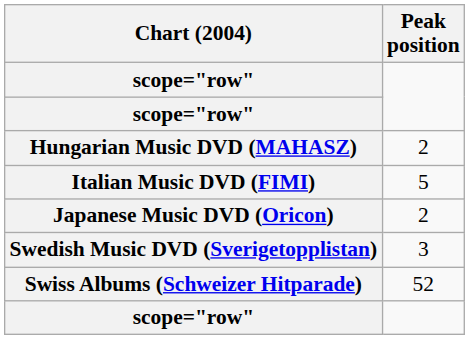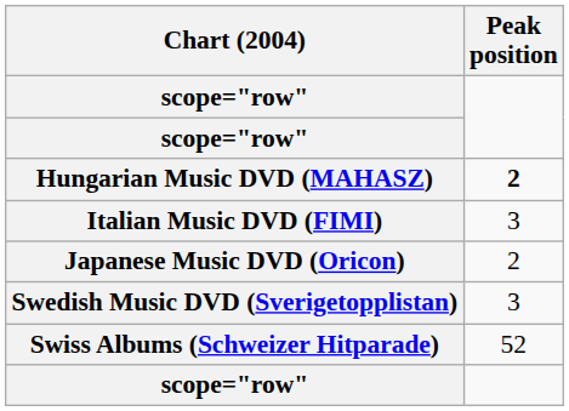 <table class="wikitable sortable plainrowheaders" style="text-align:center">
 <tr>
 <th scope="col">Chart (2004)</th>
 <th scope="col">Peak<br>position</th>
 </tr>
 <tr>
 <th>scope="row"</th>
 </tr>
 <tr>
 <th>scope="row"</th>
 </tr>
 <tr>
 <th scope="row">Hungarian Music DVD (<a href='#'>MAHASZ</a>)</th>
-<td>2</td>
+<td><strong>2</strong></td>
 </tr>
 <tr>
 <th scope="row">Italian Music DVD (<a href='#'>FIMI</a>)</th>
-<td>5</td>
+<td>3</td>
 </tr>
 <tr>
 <th scope="row">Japanese Music DVD (<a href='#'>Oricon</a>)</th>
 <td>2</td>
 </tr>
 <tr>
 <th scope="row">Swedish Music DVD (<a href='#'>Sverigetopplistan</a>)</th>
 <td>3</td>
 </tr>
 <tr>
 <th scope="row">Swiss Albums (<a href='#'>Schweizer Hitparade</a>)</th>
 <td>52</td>
 </tr>
 <tr>
 <th>scope="row"</th>
 </tr>
 </table>
